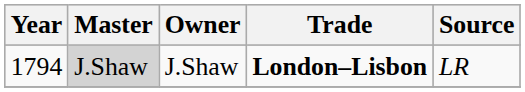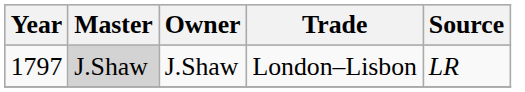 <table class=" wikitable">
 <tr>
 <th>Year</th>
 <th>Master</th>
 <th>Owner</th>
 <th>Trade</th>
 <th>Source</th>
 </tr>
 <tr>
-<td>1794</td>
+<td>1797</td>
 <td style="background: lightgrey;">J.Shaw</td>
 <td>J.Shaw</td>
-<td><strong>London–Lisbon</strong></td>
+<td>London–Lisbon</td>
 <td><em>LR</em></td>
 </tr>
 <tr>
 </tr>
 </table>
